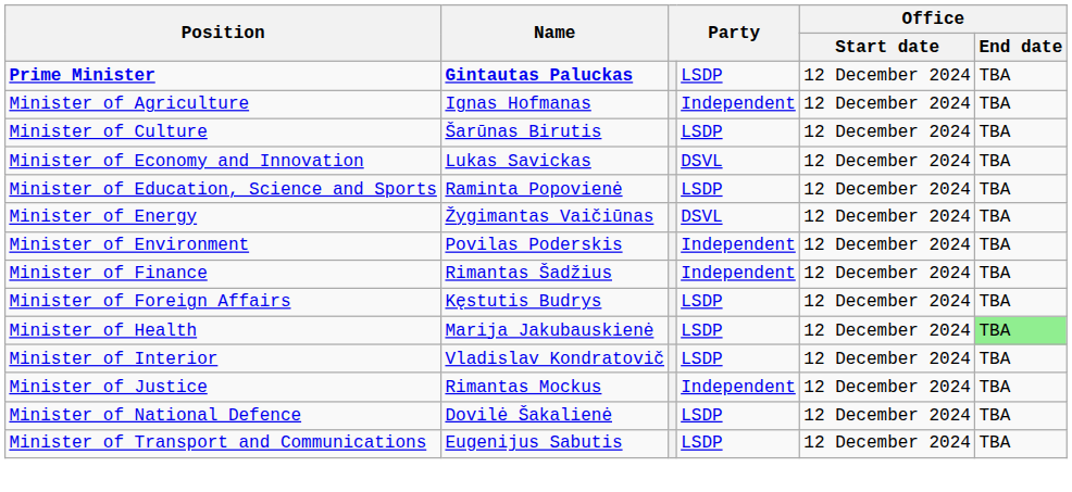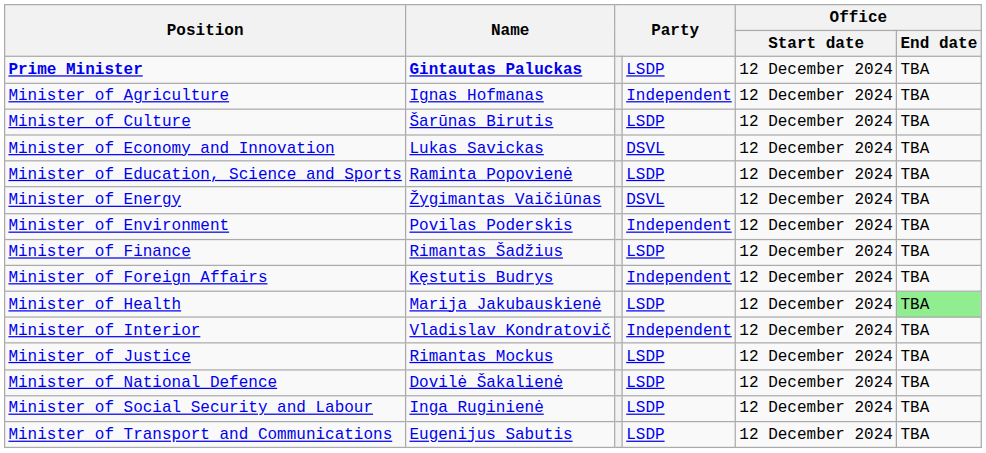 <table class="wikitable">
 <tr>
 <th rowspan=2>Position</th>
 <th rowspan=2>Name</th>
 <th rowspan=2 colspan=2>Party</th>
 <th colspan=2>Office</th>
 </tr>
 <tr>
 <th>Start date</th>
 <th>End date</th>
 </tr>
 <tr>
 <td><strong><a href='#'>Prime Minister</a></strong></td>
 <td><strong><a href='#'>Gintautas Paluckas</a></strong></td>
 <th style="background:"></th>
 <td><a href='#'>LSDP</a></td>
 <td>12 December 2024</td>
 <td>TBA</td>
 </tr>
 <tr>
 <td><a href='#'>Minister of Agriculture</a></td>
 <td><a href='#'>Ignas Hofmanas</a></td>
 <th style="background:"></th>
 <td><a href='#'>Independent</a><br></td>
 <td>12 December 2024</td>
 <td>TBA</td>
 </tr>
 <tr>
 <td><a href='#'>Minister of Culture</a></td>
 <td><a href='#'>Šarūnas Birutis</a></td>
 <th style="background:"></th>
 <td><a href='#'>LSDP</a></td>
 <td>12 December 2024</td>
 <td>TBA</td>
 </tr>
 <tr>
 <td><a href='#'>Minister of Economy and Innovation</a></td>
 <td><a href='#'>Lukas Savickas</a></td>
 <th style="background:"></th>
 <td><a href='#'>DSVL</a></td>
 <td>12 December 2024</td>
 <td>TBA</td>
 </tr>
 <tr>
 <td><a href='#'>Minister of Education, Science and Sports</a></td>
 <td><a href='#'>Raminta Popovienė</a></td>
 <th style="background:"></th>
 <td><a href='#'>LSDP</a></td>
 <td>12 December 2024</td>
 <td>TBA</td>
 </tr>
 <tr>
 <td><a href='#'>Minister of Energy</a></td>
 <td><a href='#'>Žygimantas Vaičiūnas</a></td>
 <th style="background:"></th>
 <td><a href='#'>DSVL</a></td>
 <td>12 December 2024</td>
 <td>TBA</td>
 </tr>
 <tr>
 <td><a href='#'>Minister of Environment</a></td>
 <td><a href='#'>Povilas Poderskis</a></td>
 <th style="background:"></th>
 <td><a href='#'>Independent</a><br></td>
 <td>12 December 2024</td>
 <td>TBA</td>
 </tr>
 <tr>
 <td><a href='#'>Minister of Finance</a></td>
 <td><a href='#'>Rimantas Šadžius</a></td>
 <th style="background:"></th>
-<td><a href='#'>Independent</a><br></td>
+<td><a href='#'>LSDP</a></td>
 <td>12 December 2024</td>
 <td>TBA</td>
 </tr>
 <tr>
 <td><a href='#'>Minister of Foreign Affairs</a></td>
 <td><a href='#'>Kęstutis Budrys</a></td>
 <th style="background:"></th>
-<td><a href='#'>LSDP</a></td>
+<td><a href='#'>Independent</a><br></td>
 <td>12 December 2024</td>
 <td>TBA</td>
 </tr>
 <tr>
 <td><a href='#'>Minister of Health</a></td>
 <td><a href='#'>Marija Jakubauskienė</a></td>
 <th style="background:"></th>
 <td><a href='#'>LSDP</a></td>
 <td>12 December 2024</td>
 <td style="background: lightgreen;">TBA</td>
 </tr>
 <tr>
 <td><a href='#'>Minister of Interior</a></td>
 <td><a href='#'>Vladislav Kondratovič</a></td>
 <th style="background:"></th>
-<td><a href='#'>LSDP</a></td>
+<td><a href='#'>Independent</a><br></td>
 <td>12 December 2024</td>
 <td>TBA</td>
 </tr>
 <tr>
 <td><a href='#'>Minister of Justice</a></td>
 <td><a href='#'>Rimantas Mockus</a></td>
 <th style="background:"></th>
-<td><a href='#'>Independent</a><br></td>
+<td><a href='#'>LSDP</a></td>
 <td>12 December 2024</td>
 <td>TBA</td>
 </tr>
 <tr>
 <td><a href='#'>Minister of National Defence</a></td>
 <td><a href='#'>Dovilė Šakalienė</a></td>
+<th style="background:"></th>
+<td><a href='#'>LSDP</a></td>
+<td>12 December 2024</td>
+<td>TBA</td>
+</tr>
+<tr>
+<td><a href='#'>Minister of Social Security and Labour</a></td>
+<td><a href='#'>Inga Ruginienė</a></td>
 <th style="background:"></th>
 <td><a href='#'>LSDP</a></td>
 <td>12 December 2024</td>
 <td>TBA</td>
 </tr>
 <tr>
 <td><a href='#'>Minister of Transport and Communications</a></td>
 <td><a href='#'>Eugenijus Sabutis</a></td>
 <th style="background:"></th>
 <td><a href='#'>LSDP</a></td>
 <td>12 December 2024</td>
 <td>TBA</td>
 </tr>
 </table>
